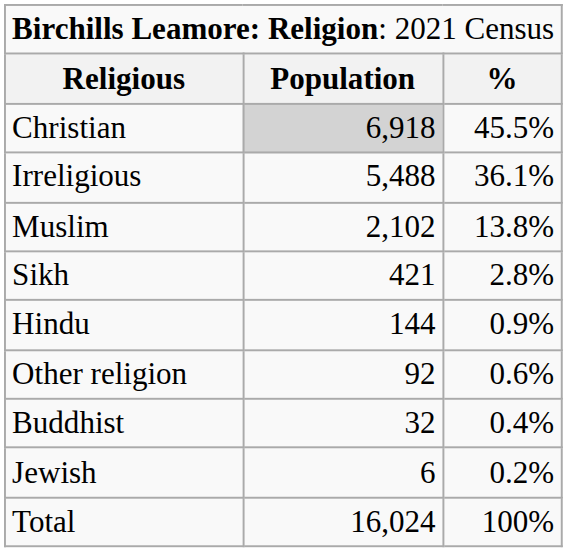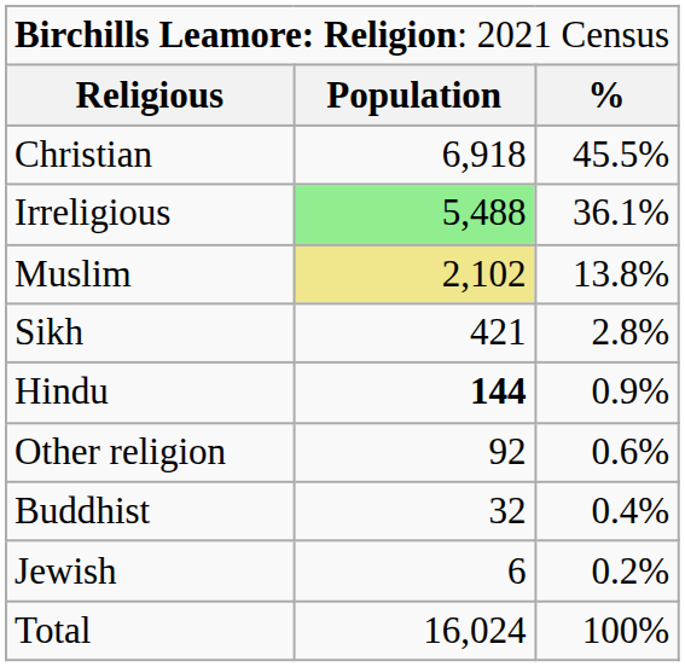 <table class="wikitable">
 <tr>
 <td colspan="14" style="text-align:right;"><strong>Birchills Leamore: Religion</strong>: 2021 Census</td>
 </tr>
 <tr>
 <th>Religious</th>
 <th>Population</th>
 <th>%</th>
 </tr>
 <tr>
 <td>Christian</td>
-<td style="background: lightgrey; text-align:right;">6,918</td>
+<td style="text-align:right;">6,918</td>
 <td style="text-align:right;">45.5%</td>
 </tr>
 <tr>
 <td>Irreligious</td>
-<td style="text-align:right;">5,488</td>
+<td style="background: lightgreen; text-align:right;">5,488</td>
 <td style="text-align:right;">36.1%</td>
 </tr>
 <tr>
 <td>Muslim</td>
-<td style="text-align:right;">2,102</td>
+<td style="background: khaki; text-align:right;">2,102</td>
 <td style="text-align:right;">13.8%</td>
 </tr>
 <tr>
 <td>Sikh</td>
 <td style="text-align:right;">421</td>
 <td style="text-align:right;">2.8%</td>
 </tr>
 <tr>
 <td>Hindu</td>
-<td style="text-align:right;">144</td>
+<td style="text-align:right;"><strong>144</strong></td>
 <td style="text-align:right;">0.9%</td>
 </tr>
 <tr>
 <td>Other religion</td>
 <td style="text-align:right;">92</td>
 <td style="text-align:right;">0.6%</td>
 </tr>
 <tr>
 <td>Buddhist</td>
 <td style="text-align:right;">32</td>
 <td style="text-align:right;">0.4%</td>
 </tr>
 <tr>
 <td>Jewish</td>
 <td style="text-align:right;">6</td>
 <td style="text-align:right;">0.2%</td>
 </tr>
 <tr>
 <td>Total</td>
 <td style="text-align:right;">16,024</td>
 <td style="text-align:right;">100%</td>
 </tr>
 </table>
